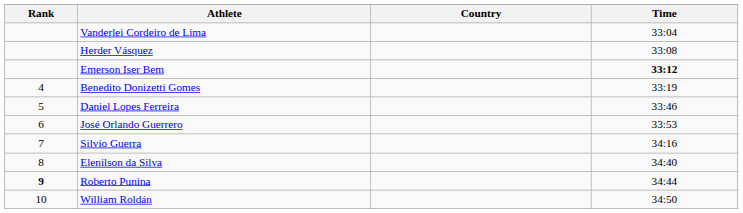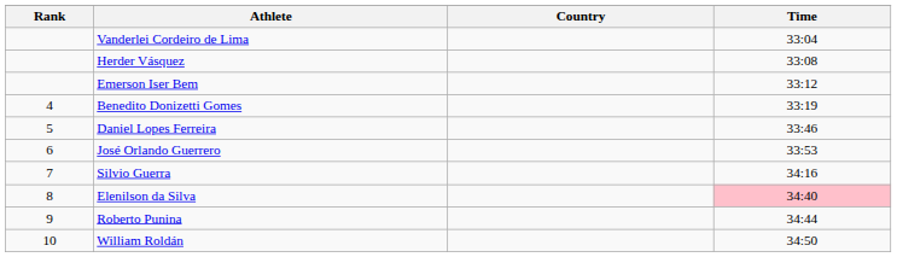 <table class="wikitable sortable" style=" text-align:center; font-size:95%;" width="50%">
 <tr>
 </tr>
 <tr>
 <th width=5%>Rank</th>
 <th width=20%>Athlete</th>
 <th width=15%>Country</th>
 <th width=10%>Time</th>
 </tr>
 <tr>
 <td align=center></td>
 <td align=left><a href='#'>Vanderlei Cordeiro de Lima</a></td>
 <td align=left></td>
 <td>33:04</td>
 </tr>
 <tr>
 <td align=center></td>
 <td align=left><a href='#'>Herder Vásquez</a></td>
 <td align=left></td>
 <td>33:08</td>
 </tr>
 <tr>
 <td align=center></td>
 <td align=left><a href='#'>Emerson Iser Bem</a></td>
 <td align=left></td>
-<td><strong>33:12</strong></td>
+<td>33:12</td>
 </tr>
 <tr>
 <td align=center>4</td>
 <td align=left><a href='#'>Benedito Donizetti Gomes</a></td>
 <td align=left></td>
 <td>33:19</td>
 </tr>
 <tr>
 <td align=center>5</td>
 <td align=left><a href='#'>Daniel Lopes Ferreira</a></td>
 <td align=left></td>
 <td>33:46</td>
 </tr>
 <tr>
 <td align=center>6</td>
 <td align=left><a href='#'>José Orlando Guerrero</a></td>
 <td align=left></td>
 <td>33:53</td>
 </tr>
 <tr>
 <td align=center>7</td>
 <td align=left><a href='#'>Silvio Guerra</a></td>
 <td align=left></td>
 <td>34:16</td>
 </tr>
 <tr>
 <td align=center>8</td>
 <td align=left><a href='#'>Elenilson da Silva</a></td>
 <td align=left></td>
-<td>34:40</td>
+<td style="background: pink;">34:40</td>
 </tr>
 <tr>
-<td align=center><strong>9</strong></td>
+<td align=center>9</td>
 <td align=left><a href='#'>Roberto Punina</a></td>
 <td align=left></td>
 <td>34:44</td>
 </tr>
 <tr>
 <td align=center>10</td>
 <td align=left><a href='#'>William Roldán</a></td>
 <td align=left></td>
 <td>34:50</td>
 </tr>
 </table>
